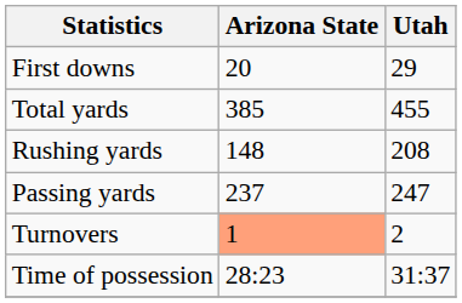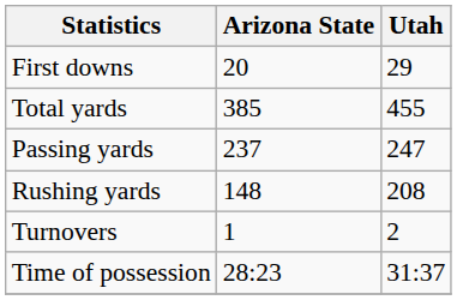 <table class="wikitable">
 <tr>
 <th>Statistics</th>
 <th>Arizona State</th>
 <th>Utah</th>
 </tr>
 <tr>
 <td>First downs</td>
 <td>20</td>
 <td>29</td>
 </tr>
 <tr>
 <td>Total yards</td>
 <td>385</td>
 <td>455</td>
 </tr>
 <tr>
+<td>Passing yards</td>
+<td>237</td>
+<td>247</td>
+</tr>
+<tr>
 <td>Rushing yards</td>
 <td>148</td>
 <td>208</td>
 </tr>
 <tr>
-<td>Passing yards</td>
-<td>237</td>
-<td>247</td>
-</tr>
-<tr>
 <td>Turnovers</td>
-<td style="background: lightsalmon;">1</td>
+<td>1</td>
 <td>2</td>
 </tr>
 <tr>
 <td>Time of possession</td>
 <td>28:23</td>
 <td>31:37</td>
 </tr>
 <tr>
 </tr>
 </table>
